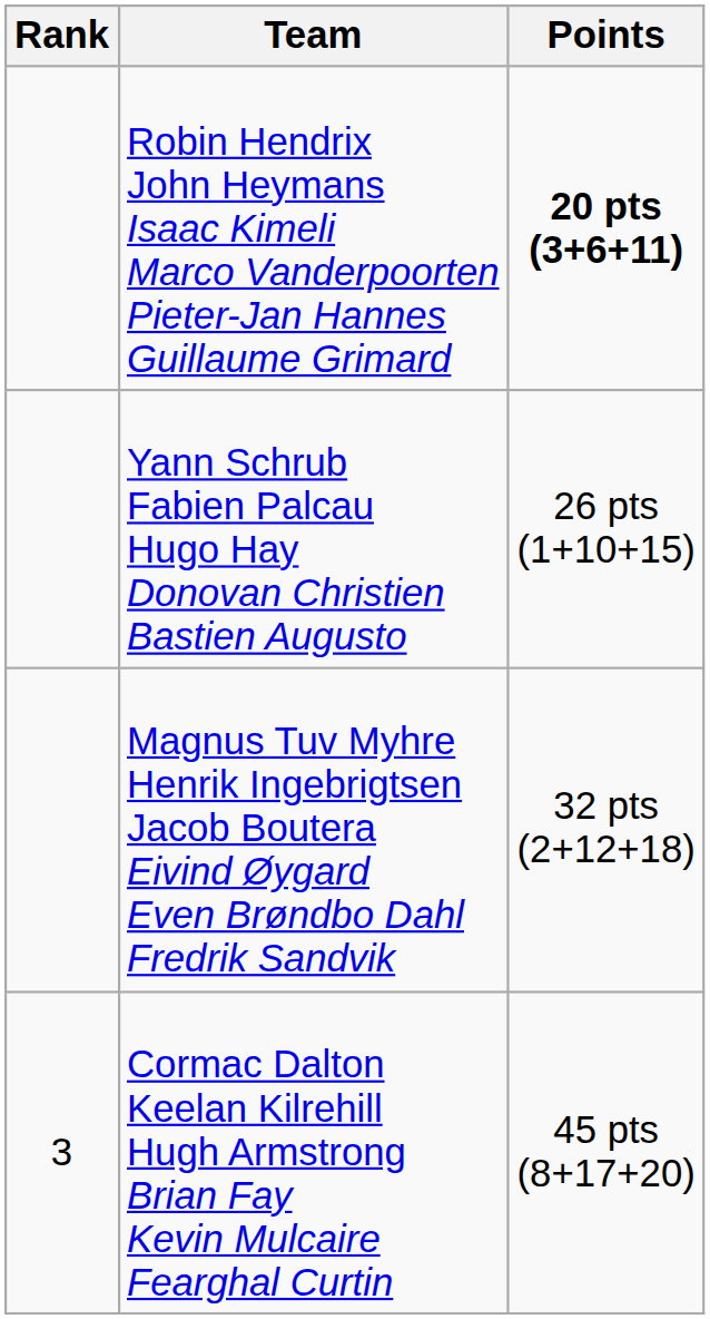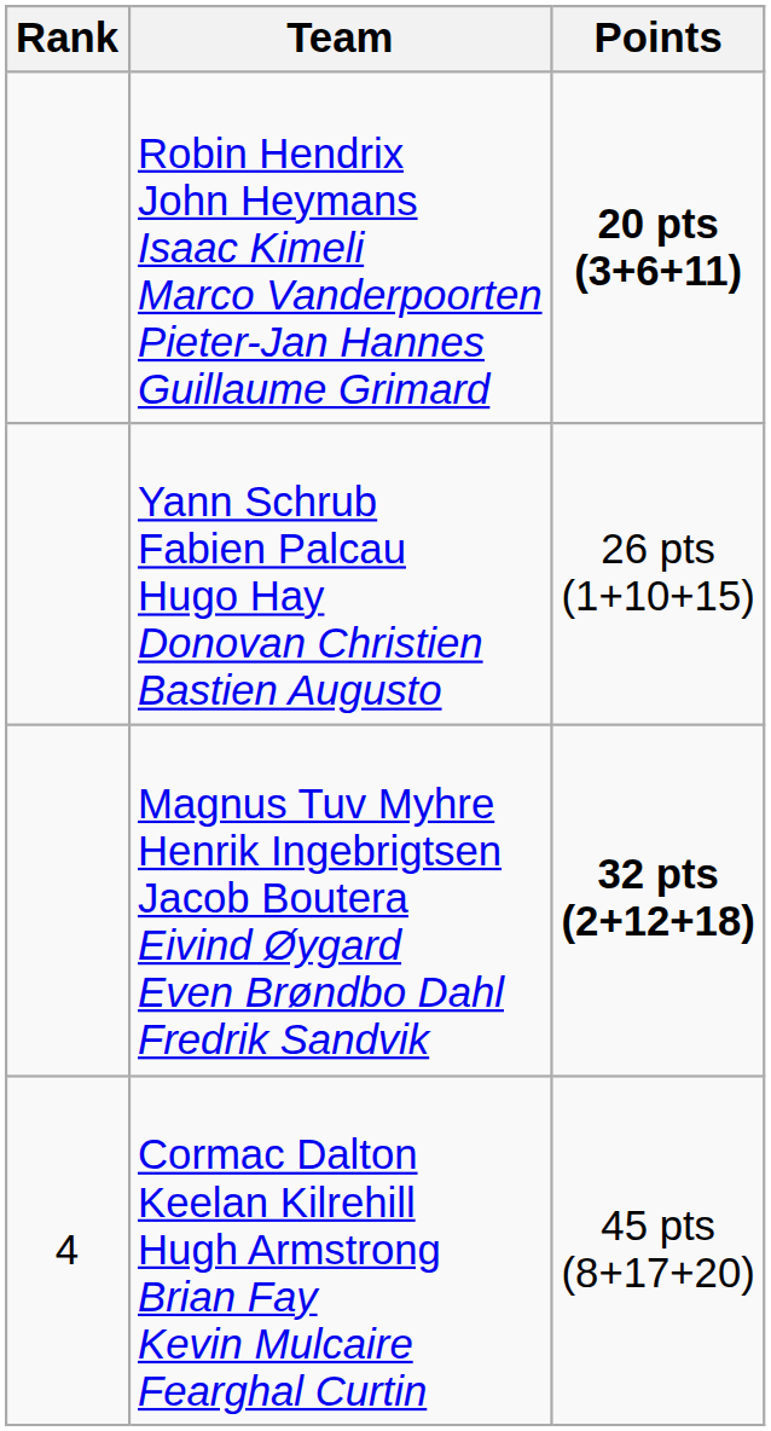 <table class="wikitable sortable" style="text-align:center;">
 <tr>
 <th>Rank</th>
 <th>Team</th>
 <th>Points</th>
 </tr>
 <tr>
 <td></td>
 <td align=left><br><a href='#'>Robin Hendrix</a><br><a href='#'>John Heymans</a><br><em><a href='#'>Isaac Kimeli</a><br><a href='#'>Marco Vanderpoorten</a><br><a href='#'>Pieter-Jan Hannes</a><br><a href='#'>Guillaume Grimard</a></em></td>
 <td><strong>20 pts<br>(3+6+11)</strong></td>
 </tr>
 <tr>
 <td></td>
 <td align=left><br><a href='#'>Yann Schrub</a><br><a href='#'>Fabien Palcau</a><br><a href='#'>Hugo Hay</a><br><em><a href='#'>Donovan Christien</a><br><a href='#'>Bastien Augusto</a></em></td>
 <td>26 pts<br>(1+10+15)</td>
 </tr>
 <tr>
 <td></td>
 <td align=left><br><a href='#'>Magnus Tuv Myhre</a><br><a href='#'>Henrik Ingebrigtsen</a><br><a href='#'>Jacob Boutera</a><br><em><a href='#'>Eivind Øygard</a><br><a href='#'>Even Brøndbo Dahl</a><br><a href='#'>Fredrik Sandvik</a></em></td>
-<td>32 pts<br>(2+12+18)</td>
+<td><strong>32 pts<br>(2+12+18)</strong></td>
 </tr>
 <tr>
-<td>3</td>
+<td>4</td>
 <td align=left><br><a href='#'>Cormac Dalton</a><br><a href='#'>Keelan Kilrehill</a><br><a href='#'>Hugh Armstrong</a><br><em><a href='#'>Brian Fay</a><br><a href='#'>Kevin Mulcaire</a><br><a href='#'>Fearghal Curtin</a></em></td>
 <td>45 pts<br>(8+17+20)</td>
 </tr>
 </table>
